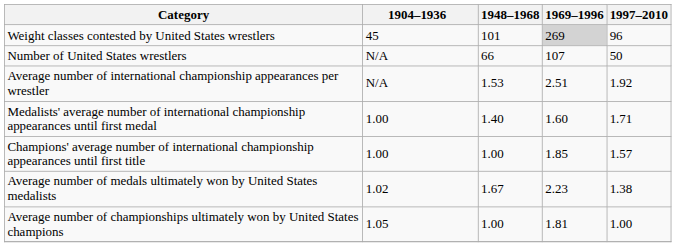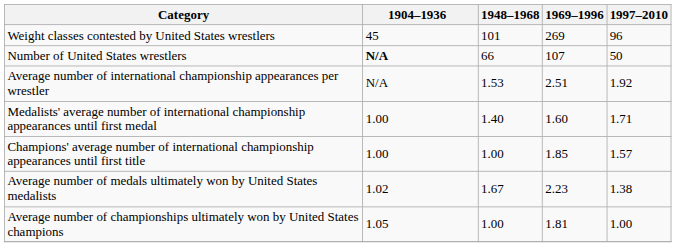 <table class="wikitable sortable" style="font-size: 100%">
 <tr>
 <th width=435>Category</th>
 <th width=135>1904–1936  </th>
 <th  width=135>1948–1968</th>
 <th  width=135>1969–1996</th>
 <th  width=135>1997–2010</th>
 </tr>
 <tr>
 <td>Weight classes contested by United States wrestlers</td>
 <td>45</td>
 <td>101</td>
-<td style="background: lightgrey;">269</td>
+<td>269</td>
 <td>96</td>
 </tr>
 <tr>
 <td>Number of United States wrestlers</td>
-<td>N/A</td>
+<td><strong>N/A</strong></td>
 <td>66</td>
 <td>107</td>
 <td>50  </td>
 </tr>
 <tr>
 <td>Average number of international championship appearances per wrestler</td>
 <td>N/A</td>
 <td>1.53</td>
 <td>2.51</td>
 <td>1.92</td>
 </tr>
 <tr>
 <td>Medalists' average number of international championship appearances until first medal</td>
 <td>1.00  </td>
 <td>1.40  </td>
 <td>1.60</td>
 <td>1.71</td>
 </tr>
 <tr>
 <td>Champions' average number of international championship appearances until first title</td>
 <td>1.00</td>
 <td>1.00</td>
 <td>1.85</td>
 <td>1.57</td>
 </tr>
 <tr>
 <td>Average number of medals ultimately won by United States medalists</td>
 <td>1.02</td>
 <td>1.67</td>
 <td>2.23</td>
 <td>1.38</td>
 </tr>
 <tr>
 <td>Average number of championships ultimately won by United States champions</td>
 <td>1.05  </td>
 <td>1.00</td>
 <td>1.81</td>
 <td>1.00</td>
 </tr>
 <tr>
 </tr>
 </table>
